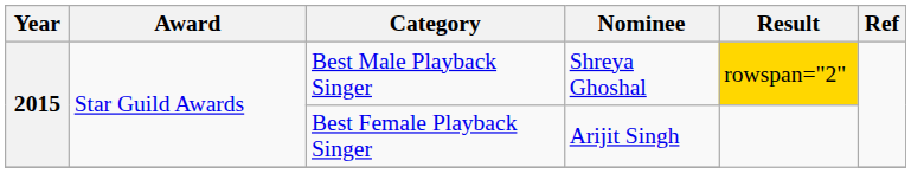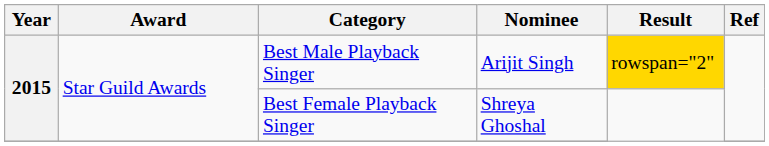 <table class="wikitable plainrowheaders" width="100%" textcolor:"#000;">
 <tr>
 <th width=5%>Year</th>
 <th width=23%>Award</th>
 <th width=25%>Category</th>
 <th width=15%>Nominee</th>
 <th width=5%>Result</th>
 <th width=2%>Ref</th>
 </tr>
 <tr>
 <th scope="row" rowspan="2">2015</th>
 <td rowspan="2"><a href='#'>Star Guild Awards</a></td>
 <td><a href='#'>Best Male Playback Singer</a></td>
-<td><a href='#'>Shreya Ghoshal</a></td>
+<td><a href='#'>Arijit Singh</a></td>
 <td style="background: gold;">rowspan="2" </td>
 <td rowspan="2"></td>
 </tr>
 <tr>
 <td><a href='#'>Best Female Playback Singer</a></td>
-<td><a href='#'>Arijit Singh</a></td>
+<td><a href='#'>Shreya Ghoshal</a></td>
 </tr>
 <tr>
 </tr>
 </table>
